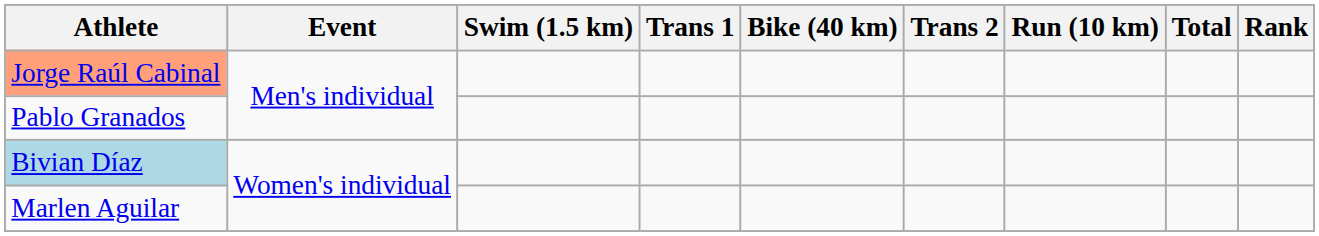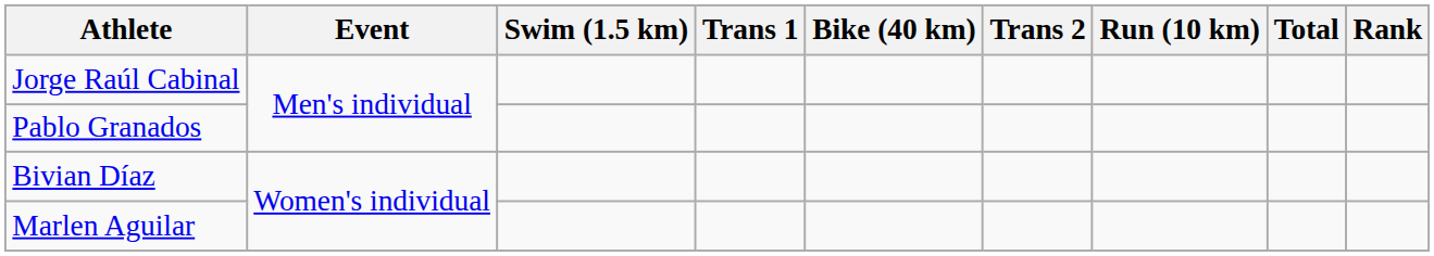 <table class="wikitable" style="font-size:90%">
 <tr>
 <th>Athlete</th>
 <th>Event</th>
 <th>Swim (1.5 km)</th>
 <th>Trans 1</th>
 <th>Bike (40 km)</th>
 <th>Trans 2</th>
 <th>Run (10 km)</th>
 <th>Total</th>
 <th>Rank</th>
 </tr>
 <tr align=center>
-<td align=left style="background: lightsalmon;"><a href='#'>Jorge Raúl Cabinal</a></td>
+<td align=left><a href='#'>Jorge Raúl Cabinal</a></td>
 <td rowspan="2"><a href='#'>Men's individual</a></td>
 <td></td>
 <td></td>
 <td></td>
 <td></td>
 <td></td>
 <td></td>
 <td></td>
 </tr>
 <tr align=center>
 <td align=left><a href='#'>Pablo Granados</a></td>
 <td></td>
 <td></td>
 <td></td>
 <td></td>
 <td></td>
 <td></td>
 </tr>
 <tr align=center>
-<td align=left style="background: lightblue;"><a href='#'>Bivian Díaz</a></td>
+<td align=left><a href='#'>Bivian Díaz</a></td>
 <td rowspan="2"><a href='#'>Women's individual</a></td>
 <td></td>
 <td></td>
 <td></td>
 <td></td>
 <td></td>
 <td></td>
 <td></td>
 </tr>
 <tr align=center>
 <td align=left><a href='#'>Marlen Aguilar</a></td>
 <td></td>
 <td></td>
 <td></td>
 <td></td>
 <td></td>
 <td></td>
 <td></td>
 </tr>
 </table>
